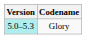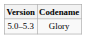 <table class="wikitable" style="font-size: smaller; text-align: center;">
 <tr>
 <th>Version</th>
 <th>Codename</th>
 </tr>
 <tr>
-<td style="background: paleturquoise;">5.0–5.3</td>
+<td>5.0–5.3</td>
 <td>Glory</td>
 </tr>
 </table>
